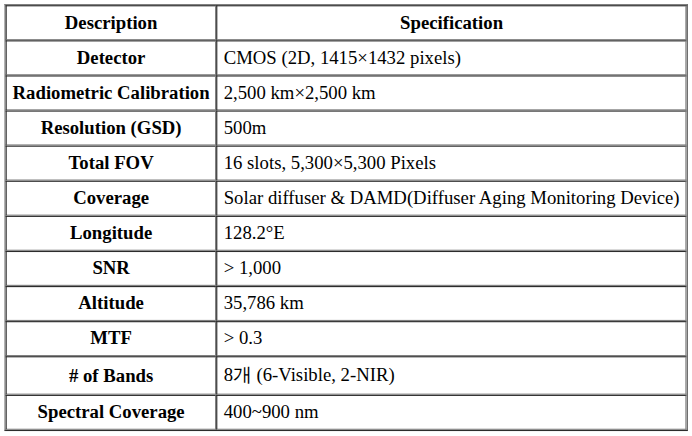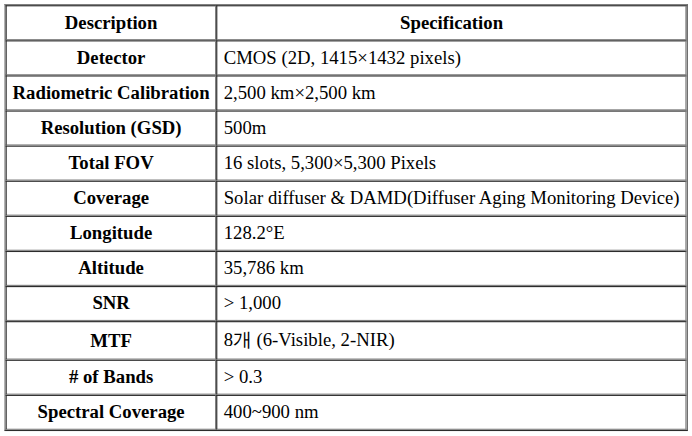 <table style="background:white;color:black" border="1" cellpadding="5" cellspacing="0" align="center">
 <tr>
 <th>Description</th>
 <th>Specification</th>
 </tr>
 <tr style="background:white; color:black">
 <th>Detector</th>
 <td>CMOS (2D, 1415×1432 pixels)</td>
 </tr>
 <tr style="background:white; color:black">
 <th>Radiometric Calibration</th>
 <td>2,500 km×2,500 km</td>
 </tr>
 <tr style="background:white; color:black">
 <th>Resolution (GSD)</th>
 <td>500m</td>
 </tr>
 <tr style="background:white; color:black">
 <th>Total FOV</th>
 <td>16 slots, 5,300×5,300 Pixels</td>
 </tr>
 <tr style="background:white; color:black">
 <th>Coverage</th>
 <td>Solar diffuser & DAMD(Diffuser Aging Monitoring Device)</td>
 </tr>
 <tr style="background:white; color:black">
 <th>Longitude</th>
 <td>128.2°E</td>
 </tr>
 <tr style="background:white; color:black">
+<th>Altitude</th>
+<td>35,786 km</td>
+</tr>
+<tr style="background:white; color:black">
 <th>SNR</th>
 <td>> 1,000</td>
 </tr>
 <tr style="background:white; color:black">
-<th>Altitude</th>
-<td>35,786 km</td>
-</tr>
-<tr style="background:white; color:black">
 <th>MTF</th>
-<td>> 0.3</td>
+<td>8개 (6-Visible, 2-NIR)</td>
 </tr>
 <tr style="background:white; color:black">
 <th># of Bands</th>
-<td>8개 (6-Visible, 2-NIR)</td>
+<td>> 0.3</td>
 </tr>
 <tr style="background:white; color:black">
 <th>Spectral Coverage</th>
 <td>400~900 nm</td>
 </tr>
 </table>
